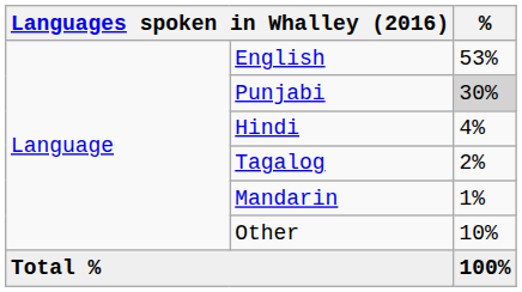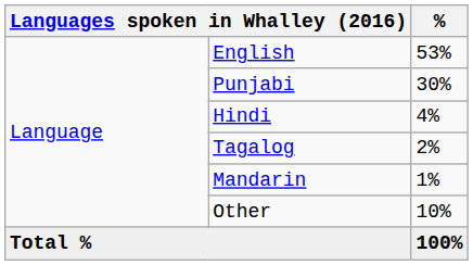 <table class="wikitable">
 <tr>
 <th colspan=2><a href='#'>Languages</a> spoken in Whalley (2016)<br></th>
 <th>%</th>
 </tr>
 <tr>
 <td rowspan=6><a href='#'>Language</a></td>
 <td><a href='#'>English</a></td>
 <td>53%</td>
 </tr>
 <tr>
 <td><a href='#'>Punjabi</a></td>
-<td style="background: lightgrey;">30%</td>
+<td>30%</td>
 </tr>
 <tr>
 <td><a href='#'>Hindi</a></td>
 <td>4%</td>
 </tr>
 <tr>
 <td><a href='#'>Tagalog</a></td>
 <td>2%</td>
 </tr>
 <tr>
 <td><a href='#'>Mandarin</a></td>
 <td>1%</td>
 </tr>
 <tr>
 <td>Other</td>
 <td>10%</td>
 </tr>
 <tr style="background:#efefef; font-weight:bold">
 <td colspan=2>Total %</td>
 <td>100%</td>
 </tr>
 </table>
